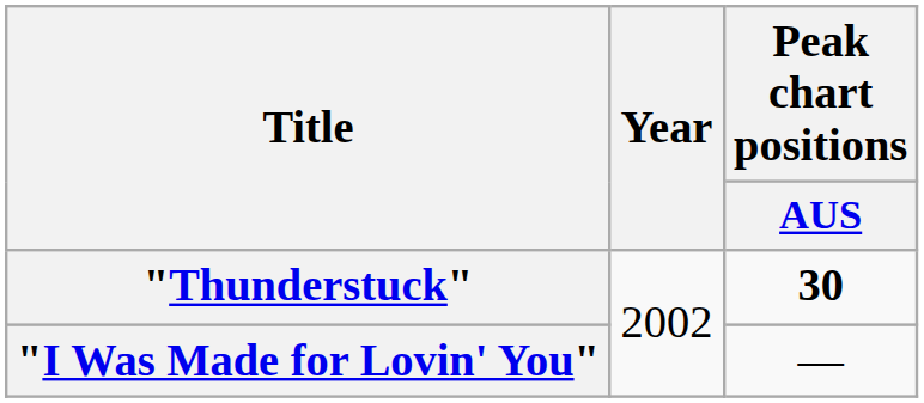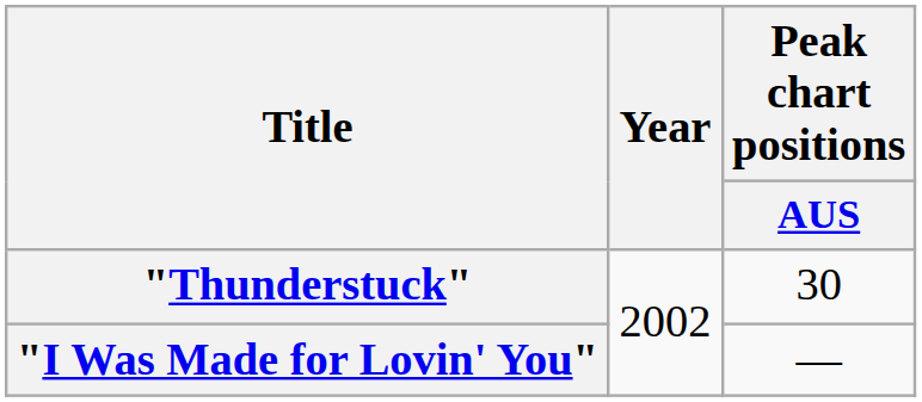 <table class="wikitable plainrowheaders" style="text-align:center;">
 <tr>
 <th scope="col" rowspan="2">Title</th>
 <th scope="col" rowspan="2">Year</th>
 <th scope="col" colspan="1">Peak chart positions</th>
 </tr>
 <tr>
 <th scope="col" style="width:3em;font-size:90%;"><a href='#'>AUS</a><br></th>
 </tr>
 <tr>
 <th scope="row">"<a href='#'>Thunderstuck</a>"</th>
 <td rowspan="2">2002</td>
-<td><strong>30</strong></td>
+<td>30</td>
 </tr>
 <tr>
 <th scope="row">"<a href='#'>I Was Made for Lovin' You</a>"</th>
 <td>—</td>
 </tr>
 </table>
